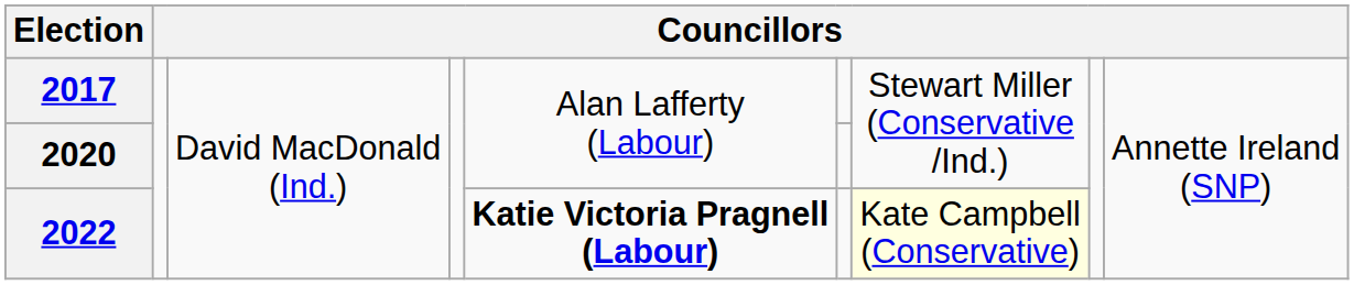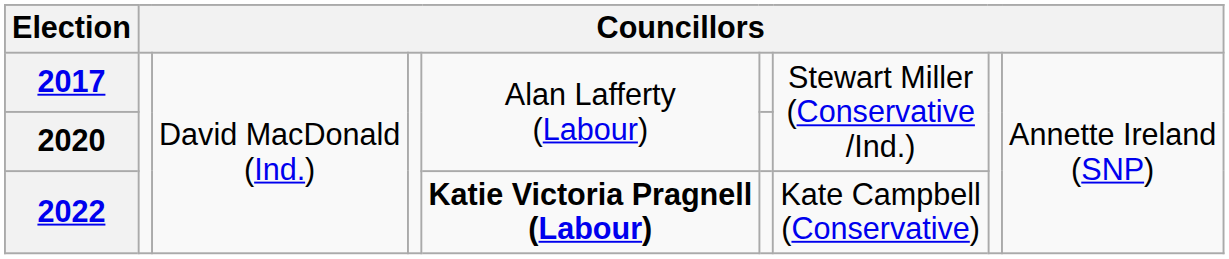 <table class="wikitable" style="text-align:center">
 <tr>
 <th>Election</th>
 <th colspan=8>Councillors</th>
 </tr>
 <tr>
 <th><a href='#'>2017</a></th>
 <td rowspan=3; style="background-color: "></td>
 <td rowspan=3>David MacDonald<br>(<a href='#'>Ind.</a>)</td>
 <td rowspan=3; style="background-color: "></td>
 <td rowspan=2>Alan Lafferty<br>(<a href='#'>Labour</a>)</td>
 <td rowspan=1; style="background-color: "></td>
 <td rowspan=2>Stewart Miller<br>(<a href='#'>Conservative</a><br>/Ind.)</td>
 <td rowspan=3; style="background-color: "></td>
 <td rowspan=3>Annette Ireland<br> (<a href='#'>SNP</a>)</td>
 </tr>
 <tr>
 <th>2020</th>
 <td rowspan=1; style="background-color: "></td>
 </tr>
 <tr>
 <th><a href='#'>2022</a></th>
 <td rowspan=1><strong>Katie Victoria Pragnell<br>(<a href='#'>Labour</a>)</strong></td>
 <td rowspan=1; style="background-color: "></td>
-<td rowspan=1 style="background: lightyellow;">Kate Campbell<br>(<a href='#'>Conservative</a>)</td>
+<td rowspan=1>Kate Campbell<br>(<a href='#'>Conservative</a>)</td>
 </tr>
 </table>
